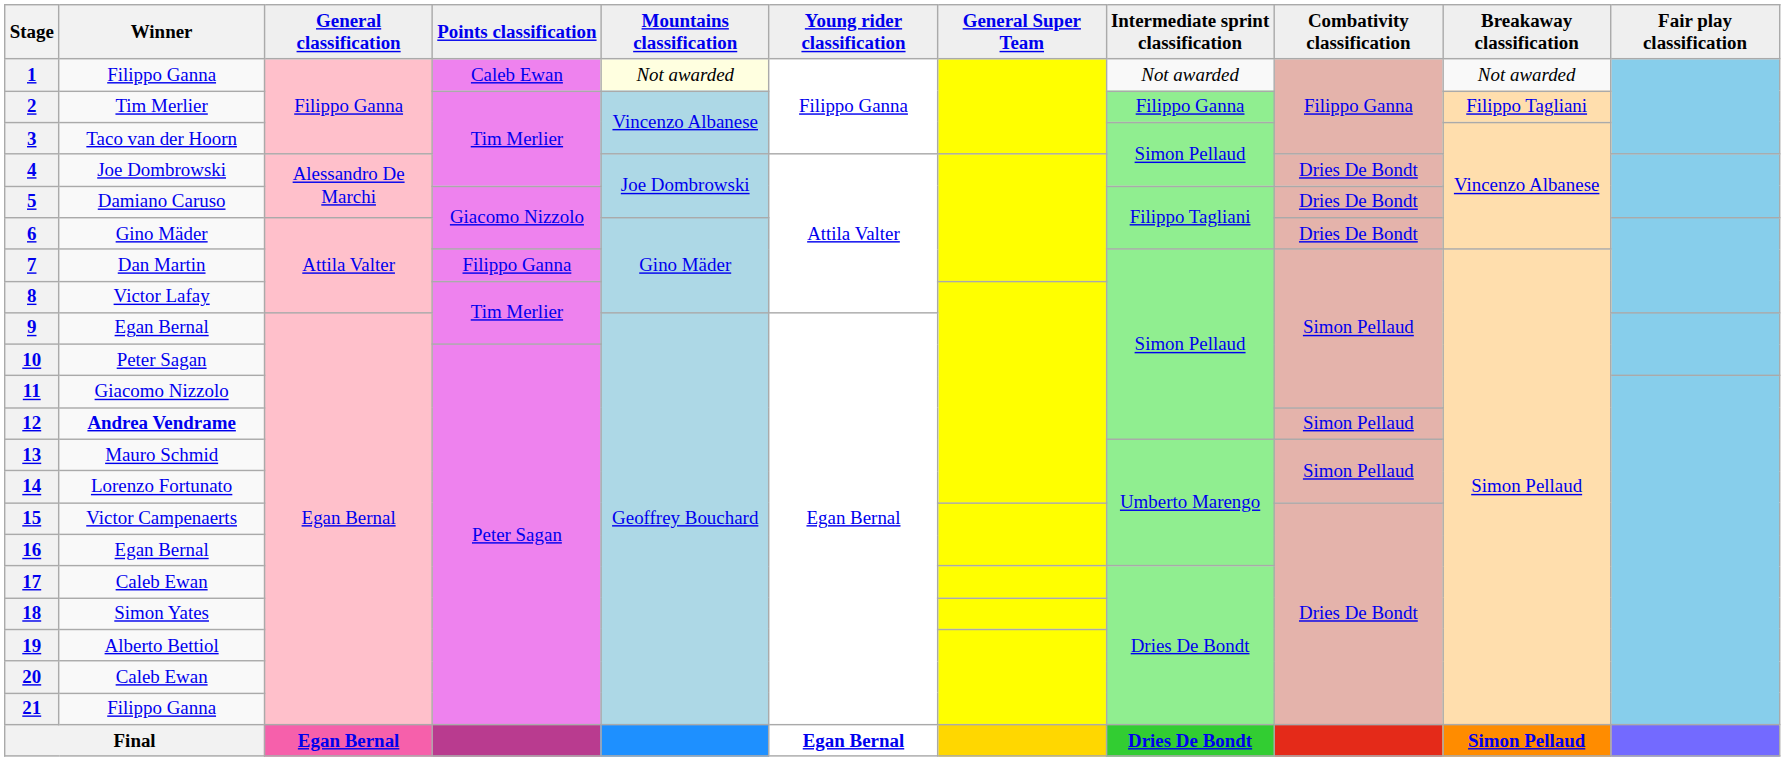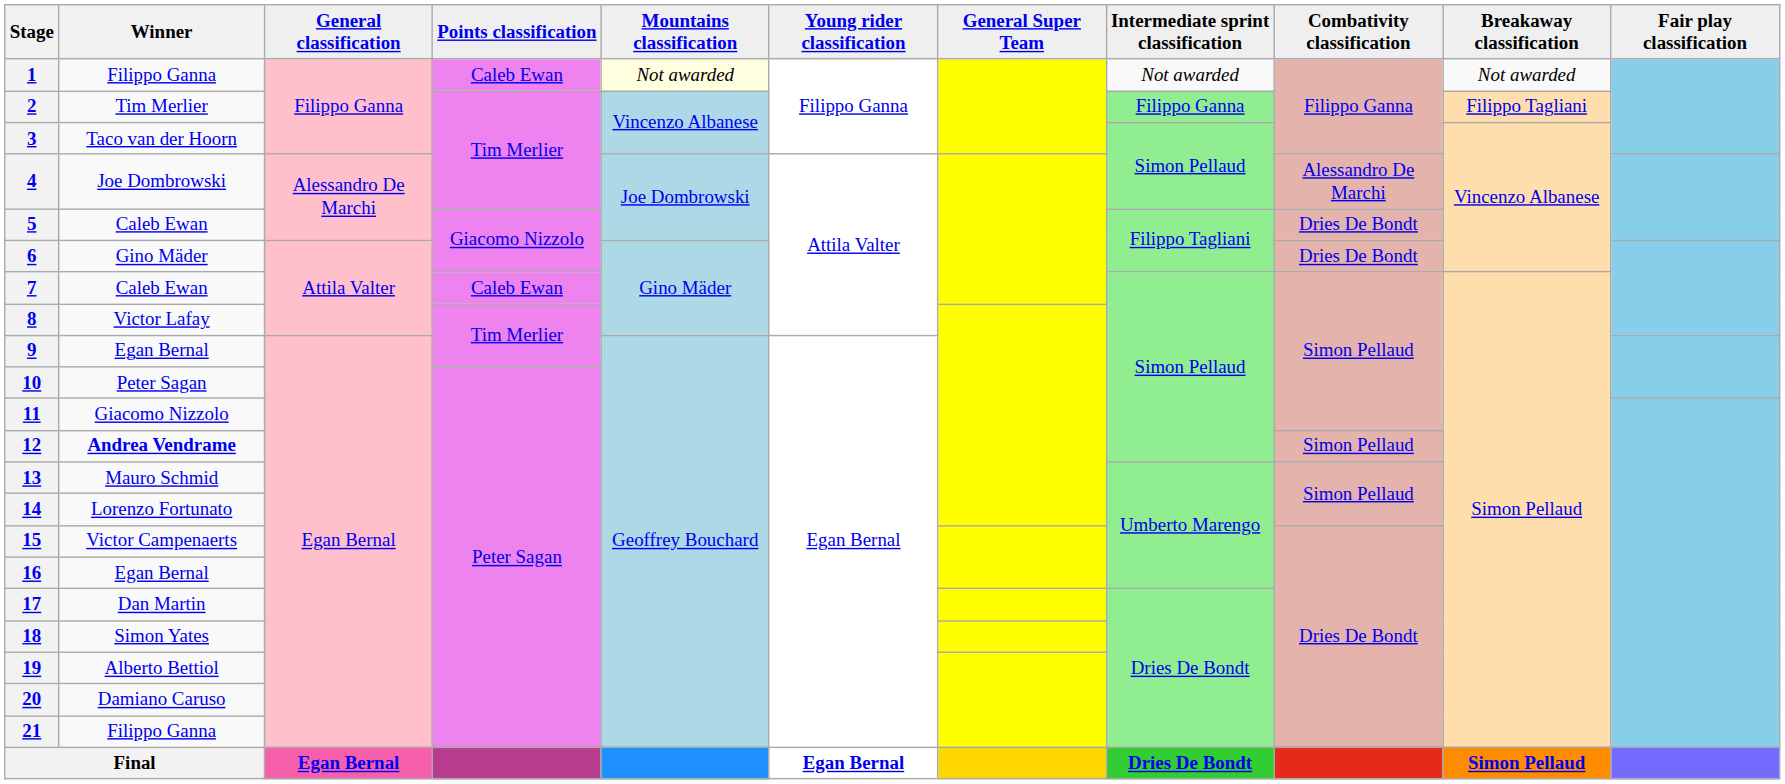 <table class="wikitable" style="text-align: center; font-size:smaller;">
 <tr style="background:#efefef;">
 <th style="width:1%;">Stage</th>
 <th style="width:11%;">Winner</th>
 <th style="background:#efefef; width:9%;"><a href='#'>General classification</a><br></th>
 <th style="background:#efefef; width:9%;"><a href='#'>Points classification</a><br></th>
 <th style="background:#efefef; width:9%;"><a href='#'>Mountains classification</a><br></th>
 <th style="background:#efefef; width:9%;"><a href='#'>Young rider classification</a><br></th>
 <th style="background:#efefef; width:9%;"><a href='#'>General Super Team</a></th>
 <th style="background:#efefef; width:9%;">Intermediate sprint classification</th>
 <th style="background:#efefef; width:9%;">Combativity classification</th>
 <th style="background:#efefef; width:9%;">Breakaway classification</th>
 <th style="background:#efefef; width:9%;">Fair play classification</th>
 </tr>
 <tr>
 <th><a href='#'>1</a></th>
 <td><a href='#'>Filippo Ganna</a></td>
 <td style="background:pink;" rowspan="3"><a href='#'>Filippo Ganna</a></td>
 <td style="background:violet;"><a href='#'>Caleb Ewan</a></td>
 <td style="background: lightyellow;"><em>Not awarded</em></td>
 <td style="background:white;" rowspan="3"><a href='#'>Filippo Ganna</a></td>
 <td style="background:#FFFF00;" rowspan="3"></td>
 <td><em>Not awarded</em></td>
 <td style="background:#E4B3AB;" rowspan="3"><a href='#'>Filippo Ganna</a></td>
 <td><em>Not awarded</em></td>
 <td style="background:skyblue;" rowspan="3"></td>
 </tr>
 <tr>
 <th><a href='#'>2</a></th>
 <td><a href='#'>Tim Merlier</a></td>
 <td style="background:violet;" rowspan="3"><a href='#'>Tim Merlier</a></td>
 <td style="background:lightblue;" rowspan="2"><a href='#'>Vincenzo Albanese</a></td>
 <td style="background:lightgreen;"><a href='#'>Filippo Ganna</a></td>
 <td style="background:navajowhite;"><a href='#'>Filippo Tagliani</a></td>
 </tr>
 <tr>
 <th><a href='#'>3</a></th>
 <td><a href='#'>Taco van der Hoorn</a></td>
 <td style="background:lightgreen;" rowspan="2"><a href='#'>Simon Pellaud</a></td>
 <td style="background:navajowhite;" rowspan="4"><a href='#'>Vincenzo Albanese</a></td>
 </tr>
 <tr>
 <th><a href='#'>4</a></th>
 <td><a href='#'>Joe Dombrowski</a></td>
 <td style="background:pink;" rowspan="2"><a href='#'>Alessandro De Marchi</a></td>
 <td style="background:lightblue;" rowspan="2"><a href='#'>Joe Dombrowski</a></td>
 <td style="background:white;" rowspan="5"><a href='#'>Attila Valter</a></td>
 <td style="background:#FFFF00;" rowspan="4"></td>
-<td style="background:#E4B3AB;"><a href='#'>Dries De Bondt</a></td>
+<td style="background:#E4B3AB;"><a href='#'>Alessandro De Marchi</a></td>
 <td style="background:skyblue;" rowspan="2"></td>
 </tr>
 <tr>
 <th><a href='#'>5</a></th>
-<td><a href='#'>Damiano Caruso</a></td>
+<td><a href='#'>Caleb Ewan</a></td>
 <td style="background:violet;" rowspan="2"><a href='#'>Giacomo Nizzolo</a></td>
 <td style="background:lightgreen;" rowspan="2"><a href='#'>Filippo Tagliani</a></td>
 <td style="background:#E4B3AB;"><a href='#'>Dries De Bondt</a></td>
 </tr>
 <tr>
 <th><a href='#'>6</a></th>
 <td><a href='#'>Gino Mäder</a></td>
 <td style="background:pink;" rowspan="3"><a href='#'>Attila Valter</a></td>
 <td style="background:lightblue;" rowspan="3"><a href='#'>Gino Mäder</a></td>
 <td style="background:#E4B3AB;"><a href='#'>Dries De Bondt</a></td>
 <td style="background:skyblue;" rowspan="3"></td>
 </tr>
 <tr>
 <th><a href='#'>7</a></th>
-<td><a href='#'>Dan Martin</a></td>
-<td style="background:violet;"><a href='#'>Filippo Ganna</a></td>
+<td><a href='#'>Caleb Ewan</a></td>
+<td style="background:violet;"><a href='#'>Caleb Ewan</a></td>
 <td style="background:lightgreen;" rowspan="6"><a href='#'>Simon Pellaud</a></td>
 <td style="background:#E4B3AB;" rowspan="5"><a href='#'>Simon Pellaud</a></td>
 <td style="background:navajowhite;" rowspan="15"><a href='#'>Simon Pellaud</a></td>
 </tr>
 <tr>
 <th><a href='#'>8</a></th>
 <td><a href='#'>Victor Lafay</a></td>
 <td style="background:violet;" rowspan="2"><a href='#'>Tim Merlier</a></td>
 <td style="background:#FFFF00;" rowspan="7"></td>
 </tr>
 <tr>
 <th><a href='#'>9</a></th>
 <td><a href='#'>Egan Bernal</a></td>
 <td style="background:pink;" rowspan="13"><a href='#'>Egan Bernal</a></td>
 <td style="background:lightblue;" rowspan="13"><a href='#'>Geoffrey Bouchard</a></td>
 <td style="background:white;" rowspan="13"><a href='#'>Egan Bernal</a></td>
 <td style="background:skyblue;" rowspan="2"></td>
 </tr>
 <tr>
 <th><a href='#'>10</a></th>
 <td><a href='#'>Peter Sagan</a></td>
 <td style="background:violet;" rowspan="12"><a href='#'>Peter Sagan</a></td>
 </tr>
 <tr>
 <th><a href='#'>11</a></th>
 <td><a href='#'>Giacomo Nizzolo</a></td>
 <td style="background:skyblue;" rowspan="11"></td>
 </tr>
 <tr>
 <th><a href='#'>12</a></th>
 <td><strong><a href='#'>Andrea Vendrame</a></strong></td>
 <td style="background:#E4B3AB;"><a href='#'>Simon Pellaud</a></td>
 </tr>
 <tr>
 <th><a href='#'>13</a></th>
 <td><a href='#'>Mauro Schmid</a></td>
 <td style="background:lightgreen;" rowspan="4"><a href='#'>Umberto Marengo</a></td>
 <td style="background:#E4B3AB;" rowspan="2"><a href='#'>Simon Pellaud</a></td>
 </tr>
 <tr>
 <th><a href='#'>14</a></th>
 <td><a href='#'>Lorenzo Fortunato</a></td>
 </tr>
 <tr>
 <th><a href='#'>15</a></th>
 <td><a href='#'>Victor Campenaerts</a></td>
 <td style="background:#FFFF00;" rowspan="2"></td>
 <td style="background:#E4B3AB;" rowspan="7"><a href='#'>Dries De Bondt</a></td>
 </tr>
 <tr>
 <th><a href='#'>16</a></th>
 <td><a href='#'>Egan Bernal</a></td>
 </tr>
 <tr>
 <th><a href='#'>17</a></th>
-<td><a href='#'>Caleb Ewan</a></td>
+<td><a href='#'>Dan Martin</a></td>
 <td style="background:#FFFF00;"></td>
 <td style="background:lightgreen;" rowspan="5"><a href='#'>Dries De Bondt</a></td>
 </tr>
 <tr>
 <th><a href='#'>18</a></th>
 <td><a href='#'>Simon Yates</a></td>
 <td style="background:#FFFF00;"></td>
 </tr>
 <tr>
 <th><a href='#'>19</a></th>
 <td><a href='#'>Alberto Bettiol</a></td>
 <td style="background:#FFFF00;" rowspan="3"></td>
 </tr>
 <tr>
 <th><a href='#'>20</a></th>
-<td><a href='#'>Caleb Ewan</a></td>
+<td><a href='#'>Damiano Caruso</a></td>
 </tr>
 <tr>
 <th><a href='#'>21</a></th>
 <td><a href='#'>Filippo Ganna</a></td>
 </tr>
 <tr>
 <th colspan="2">Final</th>
 <th style="background:#F660AB;"><a href='#'>Egan Bernal</a></th>
 <th style="background:#B93B8F;"></th>
 <th style="background:dodgerblue;"></th>
 <th style="background:white;"><a href='#'>Egan Bernal</a></th>
 <th style="background:gold;"></th>
 <th style="background:limegreen;"><a href='#'>Dries De Bondt</a></th>
 <th style="background:#E42A19;"></th>
 <th style="background:#FF8C00;"><a href='#'>Simon Pellaud</a></th>
 <th style="background:#736aff;"></th>
 </tr>
 </table>
